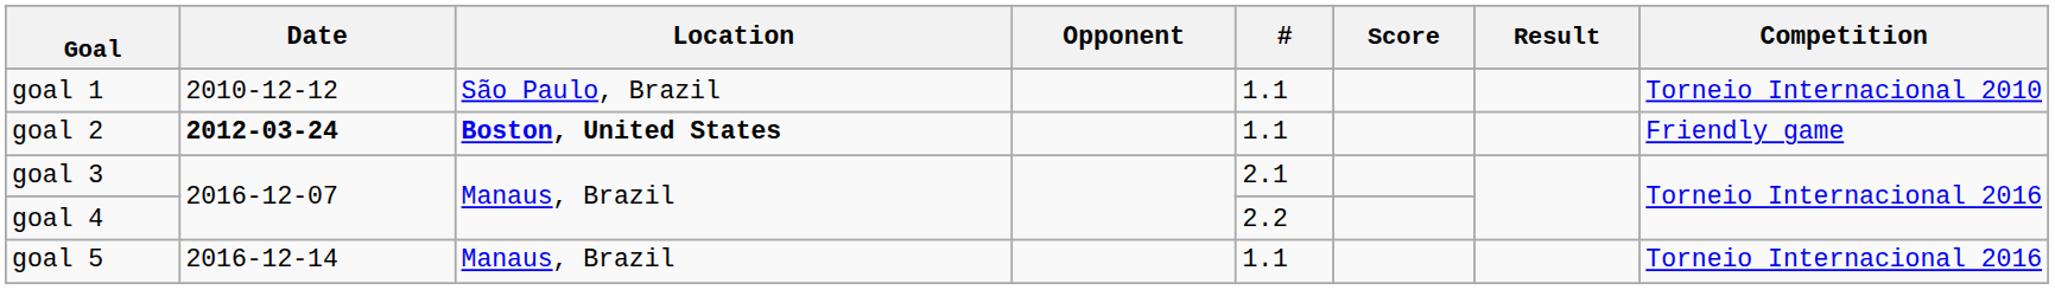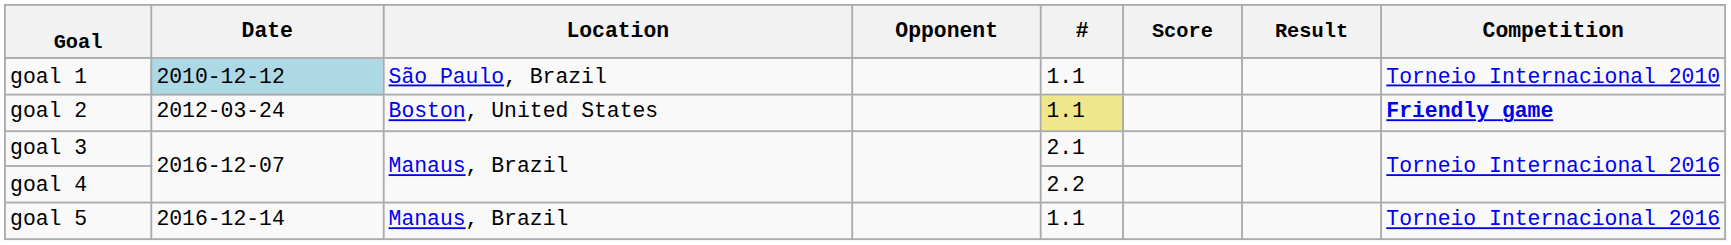 <table class="wikitable collapsible sortable" style="font-size:90%">
 <tr>
 <th data-sort-type="number" style="font-size:95%;"><br>Goal</th>
 <th>Date</th>
 <th>Location</th>
 <th>Opponent</th>
 <th>#</th>
 <th data-sort-type="number" style="font-size:95%;">Score</th>
 <th data-sort-type="number" style="font-size:95%;">Result</th>
 <th width="20%">Competition</th>
 </tr>
 <tr>
 <td>goal 1</td>
-<td>2010-12-12</td>
+<td style="background: lightblue;">2010-12-12</td>
 <td> <a href='#'>São Paulo</a>, Brazil</td>
 <td></td>
 <td>1.1</td>
 <td></td>
 <td></td>
 <td><a href='#'>Torneio Internacional 2010</a></td>
 </tr>
 <tr>
 <td>goal 2</td>
-<td><strong>2012-03-24</strong></td>
-<td><strong> <a href='#'>Boston</a>, United States</strong></td>
+<td>2012-03-24</td>
+<td> <a href='#'>Boston</a>, United States</td>
 <td></td>
-<td>1.1</td>
+<td style="background: khaki;">1.1</td>
 <td></td>
 <td></td>
-<td><a href='#'>Friendly game</a></td>
+<td><strong><a href='#'>Friendly game</a></strong></td>
 </tr>
 <tr>
 <td>goal 3</td>
 <td rowspan=2>2016-12-07</td>
 <td rowspan=2> <a href='#'>Manaus</a>, Brazil</td>
 <td rowspan=2></td>
 <td>2.1</td>
 <td></td>
 <td rowspan=2></td>
 <td rowspan=2><a href='#'>Torneio Internacional 2016</a></td>
 </tr>
 <tr>
 <td>goal 4</td>
 <td>2.2</td>
 <td></td>
 </tr>
 <tr>
 <td>goal 5</td>
 <td>2016-12-14</td>
 <td> <a href='#'>Manaus</a>, Brazil</td>
 <td></td>
 <td>1.1</td>
 <td></td>
 <td></td>
 <td><a href='#'>Torneio Internacional 2016</a></td>
 </tr>
 </table>
